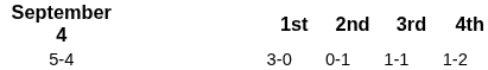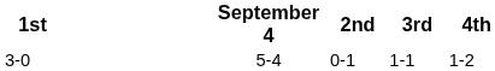 <table width=60% cellspacing=1>
 <tr>
 <th width=20%></th>
+<th width=8%>1st</th>
+<th width=20%></th>
 <th width=16%>September 4</th>
-<th width=20%></th>
-<th width=8%>1st</th>
 <th width=8%>2nd</th>
 <th width=8%>3rd</th>
 <th width=8%>4th</th>
 </tr>
 <tr style=font-size:90%>
 <td align=right><strong></strong></td>
+<td>3-0</td>
+<td></td>
 <td align=center>5-4</td>
-<td></td>
-<td>3-0</td>
 <td>0-1</td>
 <td>1-1</td>
 <td>1-2</td>
 </tr>
 </table>
